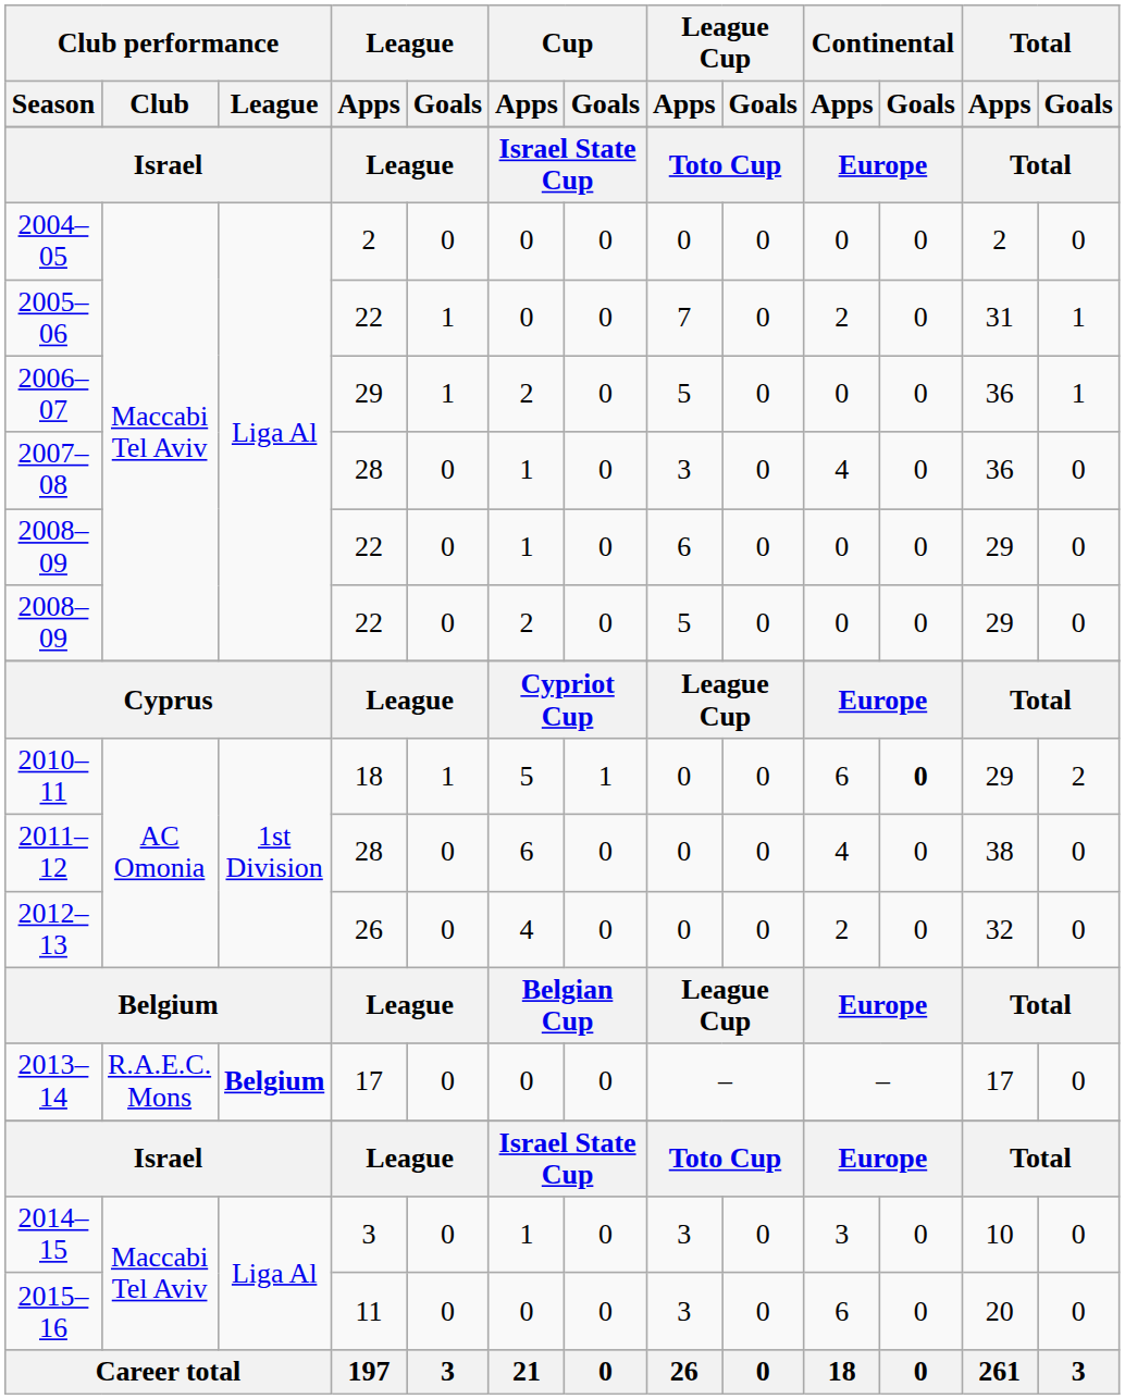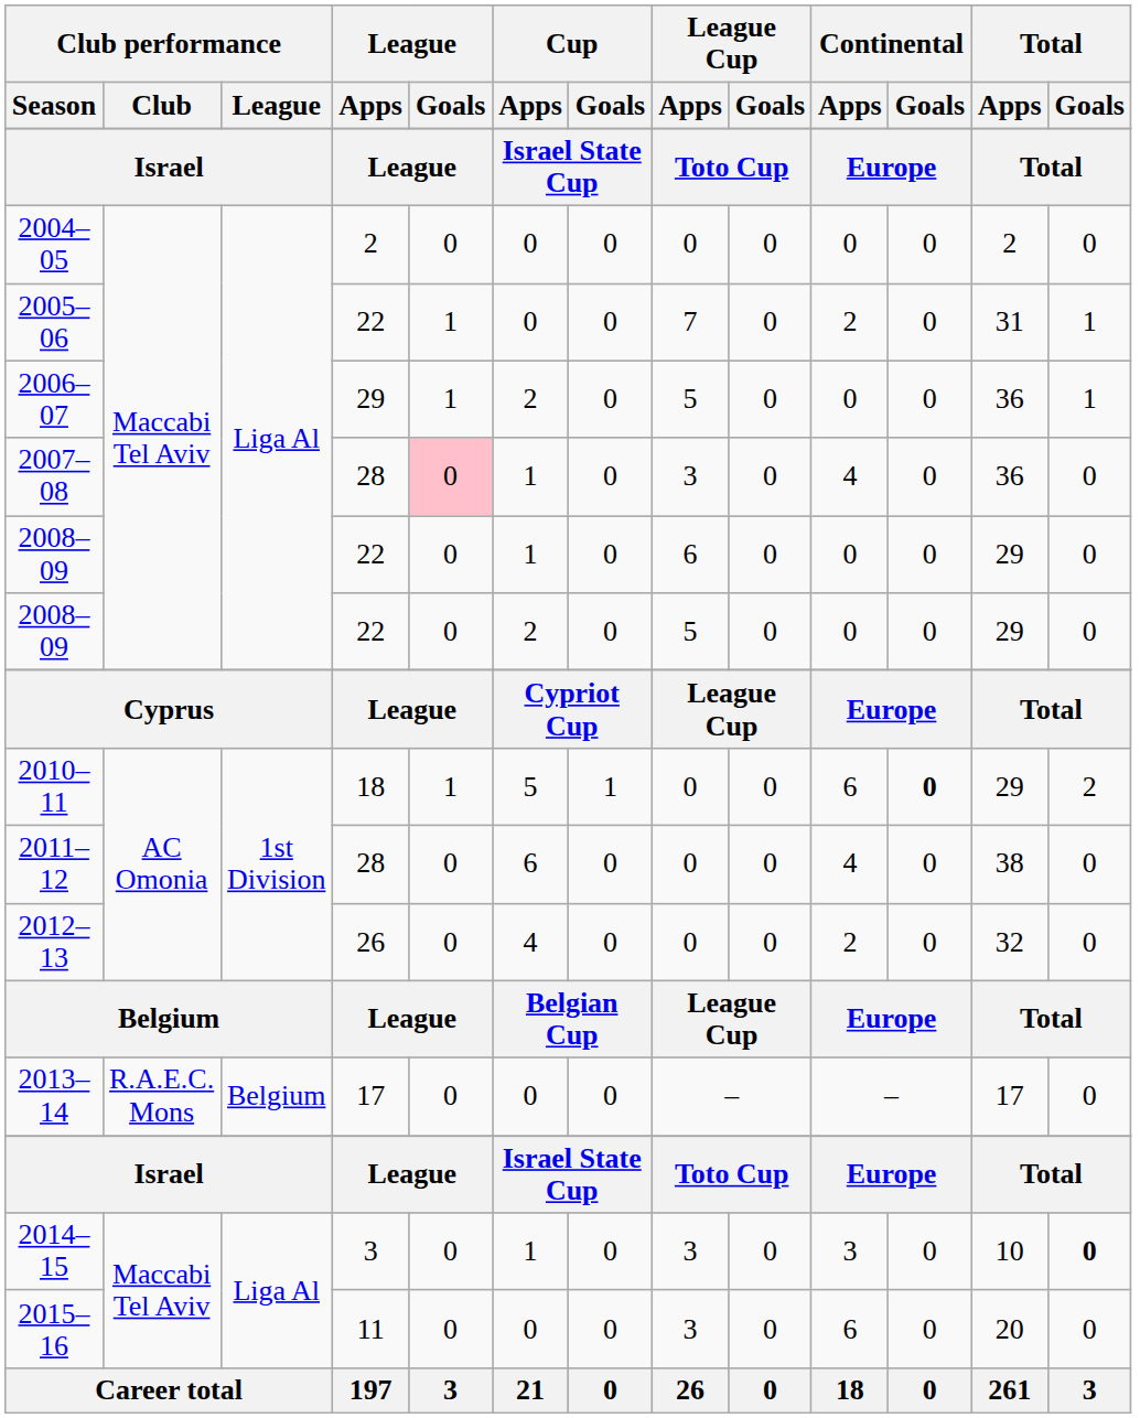 <table class="wikitable" style="text-align:center">
 <tr>
 <th colspan=3>Club performance</th>
 <th colspan=2>League</th>
 <th colspan=2>Cup</th>
 <th colspan=2>League Cup</th>
 <th colspan=2>Continental</th>
 <th colspan=2>Total</th>
 </tr>
 <tr>
 <th>Season</th>
 <th>Club</th>
 <th>League</th>
 <th>Apps</th>
 <th>Goals</th>
 <th>Apps</th>
 <th>Goals</th>
 <th>Apps</th>
 <th>Goals</th>
 <th>Apps</th>
 <th>Goals</th>
 <th>Apps</th>
 <th>Goals</th>
 </tr>
 <tr>
 </tr>
 <tr>
 <th colspan=3>Israel</th>
 <th colspan=2>League</th>
 <th colspan=2><a href='#'>Israel State Cup</a></th>
 <th colspan=2><a href='#'>Toto Cup</a></th>
 <th colspan=2><a href='#'>Europe</a></th>
 <th colspan=2>Total</th>
 </tr>
 <tr>
 <td><a href='#'>2004–05</a></td>
 <td rowspan="6"><a href='#'>Maccabi Tel Aviv</a></td>
 <td rowspan="6"><a href='#'>Liga Al</a></td>
 <td>2</td>
 <td>0</td>
 <td>0</td>
 <td>0</td>
 <td>0</td>
 <td>0</td>
 <td>0</td>
 <td>0</td>
 <td>2</td>
 <td>0</td>
 </tr>
 <tr>
 <td><a href='#'>2005–06</a></td>
 <td>22</td>
 <td>1</td>
 <td>0</td>
 <td>0</td>
 <td>7</td>
 <td>0</td>
 <td>2</td>
 <td>0</td>
 <td>31</td>
 <td>1</td>
 </tr>
 <tr>
 <td><a href='#'>2006–07</a></td>
 <td>29</td>
 <td>1</td>
 <td>2</td>
 <td>0</td>
 <td>5</td>
 <td>0</td>
 <td>0</td>
 <td>0</td>
 <td>36</td>
 <td>1</td>
 </tr>
 <tr>
 <td><a href='#'>2007–08</a></td>
 <td>28</td>
-<td>0</td>
+<td style="background: pink;">0</td>
 <td>1</td>
 <td>0</td>
 <td>3</td>
 <td>0</td>
 <td>4</td>
 <td>0</td>
 <td>36</td>
 <td>0</td>
 </tr>
 <tr>
 <td><a href='#'>2008–09</a></td>
 <td>22</td>
 <td>0</td>
 <td>1</td>
 <td>0</td>
 <td>6</td>
 <td>0</td>
 <td>0</td>
 <td>0</td>
 <td>29</td>
 <td>0</td>
 </tr>
 <tr>
 <td><a href='#'>2008–09</a></td>
 <td>22</td>
 <td>0</td>
 <td>2</td>
 <td>0</td>
 <td>5</td>
 <td>0</td>
 <td>0</td>
 <td>0</td>
 <td>29</td>
 <td>0</td>
 </tr>
 <tr>
 </tr>
 <tr>
 <th colspan=3>Cyprus</th>
 <th colspan=2>League</th>
 <th colspan=2><a href='#'>Cypriot Cup</a></th>
 <th colspan=2>League Cup</th>
 <th colspan=2><a href='#'>Europe</a></th>
 <th colspan=2>Total</th>
 </tr>
 <tr>
 <td><a href='#'>2010–11</a></td>
 <td rowspan="3"><a href='#'>AC Omonia</a></td>
 <td rowspan="3"><a href='#'>1st Division</a></td>
 <td>18</td>
 <td>1</td>
 <td>5</td>
 <td>1</td>
 <td>0</td>
 <td>0</td>
 <td>6</td>
 <td><strong>0</strong></td>
 <td>29</td>
 <td>2</td>
 </tr>
 <tr>
 <td><a href='#'>2011–12</a></td>
 <td>28</td>
 <td>0</td>
 <td>6</td>
 <td>0</td>
 <td>0</td>
 <td>0</td>
 <td>4</td>
 <td>0</td>
 <td>38</td>
 <td>0</td>
 </tr>
 <tr>
 <td><a href='#'>2012–13</a></td>
 <td>26</td>
 <td>0</td>
 <td>4</td>
 <td>0</td>
 <td>0</td>
 <td>0</td>
 <td>2</td>
 <td>0</td>
 <td>32</td>
 <td>0</td>
 </tr>
 <tr>
 <th colspan=3>Belgium</th>
 <th colspan=2>League</th>
 <th colspan=2><a href='#'>Belgian Cup</a></th>
 <th colspan=2>League Cup</th>
 <th colspan=2><a href='#'>Europe</a></th>
 <th colspan=2>Total</th>
 </tr>
 <tr>
 <td><a href='#'>2013–14</a></td>
 <td><a href='#'>R.A.E.C. Mons</a></td>
-<td><strong><a href='#'>Belgium</a></strong></td>
+<td><a href='#'>Belgium</a></td>
 <td>17</td>
 <td>0</td>
 <td>0</td>
 <td>0</td>
 <td colspan="2">–</td>
 <td colspan="2">–</td>
 <td>17</td>
 <td>0</td>
 </tr>
 <tr>
 </tr>
 <tr>
 <th colspan=3>Israel</th>
 <th colspan=2>League</th>
 <th colspan=2><a href='#'>Israel State Cup</a></th>
 <th colspan=2><a href='#'>Toto Cup</a></th>
 <th colspan=2><a href='#'>Europe</a></th>
 <th colspan=2>Total</th>
 </tr>
 <tr>
 <td><a href='#'>2014–15</a></td>
 <td rowspan="2"><a href='#'>Maccabi Tel Aviv</a></td>
 <td rowspan="2"><a href='#'>Liga Al</a></td>
 <td>3</td>
 <td>0</td>
 <td>1</td>
 <td>0</td>
 <td>3</td>
 <td>0</td>
 <td>3</td>
 <td>0</td>
 <td>10</td>
-<td>0</td>
+<td><strong>0</strong></td>
 </tr>
 <tr>
 <td><a href='#'>2015–16</a></td>
 <td>11</td>
 <td>0</td>
 <td>0</td>
 <td>0</td>
 <td>3</td>
 <td>0</td>
 <td>6</td>
 <td>0</td>
 <td>20</td>
 <td>0</td>
 </tr>
 <tr>
 <th colspan=3>Career total</th>
 <th>197</th>
 <th>3</th>
 <th>21</th>
 <th>0</th>
 <th>26</th>
 <th>0</th>
 <th>18</th>
 <th>0</th>
 <th>261</th>
 <th>3</th>
 </tr>
 </table>
